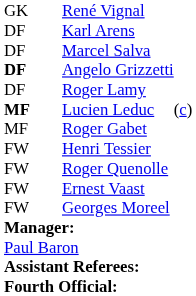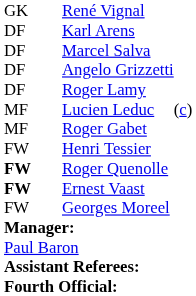 <table style=font-size:90% cellspacing=0 cellpadding=0>
 <tr>
 <td colspan=4></td>
 </tr>
 <tr>
 <th width=25></th>
 <th width=25></th>
 </tr>
 <tr>
 <td>GK</td>
 <td><strong> </strong></td>
 <td> <a href='#'>René Vignal</a></td>
 </tr>
 <tr>
 <td>DF</td>
 <td><strong> </strong></td>
 <td> <a href='#'>Karl Arens</a></td>
 </tr>
 <tr>
 <td>DF</td>
 <td><strong> </strong></td>
 <td> <a href='#'>Marcel Salva</a></td>
 </tr>
 <tr>
-<td><strong>DF</strong></td>
+<td>DF</td>
 <td><strong> </strong></td>
 <td> <a href='#'>Angelo Grizzetti</a></td>
 </tr>
 <tr>
 <td>DF</td>
 <td><strong> </strong></td>
 <td> <a href='#'>Roger Lamy</a></td>
 </tr>
 <tr>
-<td><strong>MF</strong></td>
+<td>MF</td>
 <td><strong> </strong></td>
 <td> <a href='#'>Lucien Leduc</a></td>
 <td>(<a href='#'>c</a>)</td>
 </tr>
 <tr>
 <td>MF</td>
 <td><strong> </strong></td>
 <td> <a href='#'>Roger Gabet</a></td>
 </tr>
 <tr>
 <td>FW</td>
 <td><strong> </strong></td>
 <td> <a href='#'>Henri Tessier</a></td>
 </tr>
 <tr>
-<td>FW</td>
+<td><strong>FW</strong></td>
 <td><strong> </strong></td>
 <td> <a href='#'>Roger Quenolle</a></td>
 </tr>
 <tr>
-<td>FW</td>
+<td><strong>FW</strong></td>
 <td><strong> </strong></td>
 <td> <a href='#'>Ernest Vaast</a></td>
 </tr>
 <tr>
 <td>FW</td>
 <td><strong> </strong></td>
 <td> <a href='#'>Georges Moreel</a></td>
 </tr>
 <tr>
 <td colspan=3><strong>Manager:</strong></td>
 </tr>
 <tr>
 <td colspan=4> <a href='#'>Paul Baron</a><br><strong>Assistant Referees:</strong><br> <strong>Fourth Official:</strong><br></td>
 </tr>
 </table>
